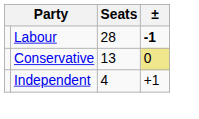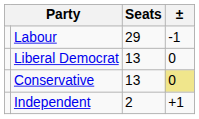 <table class="wikitable">
 <tr>
 <th colspan="2">Party</th>
 <th>Seats</th>
 <th>  ±  </th>
 </tr>
 <tr>
 <td style="background-color: "></td>
 <td><a href='#'>Labour</a></td>
-<td>28</td>
-<td><strong>-1</strong></td>
+<td>29</td>
+<td>-1</td>
+</tr>
+<tr>
+<td style="background-color: "></td>
+<td><a href='#'>Liberal Democrat</a></td>
+<td>13</td>
+<td>0</td>
 </tr>
 <tr>
 <td style="background-color: "></td>
 <td><a href='#'>Conservative</a></td>
 <td>13</td>
 <td style="background: khaki;">0</td>
 </tr>
 <tr>
 <td style="background-color: "></td>
 <td><a href='#'>Independent</a></td>
-<td>4</td>
+<td>2</td>
 <td>+1</td>
 </tr>
 </table>
